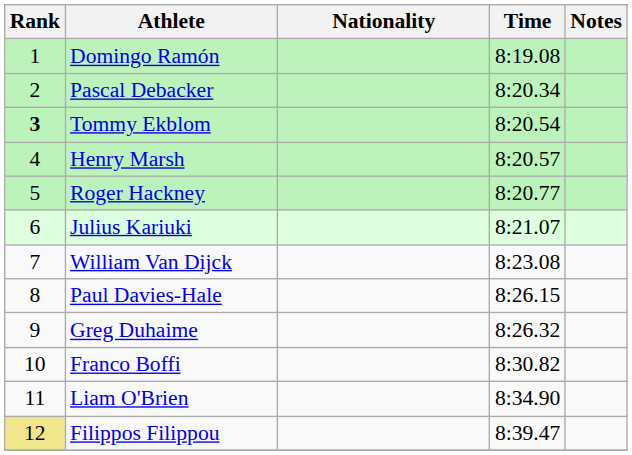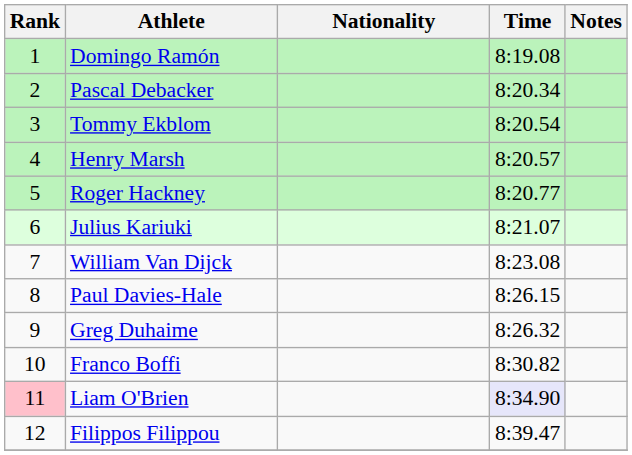 <table class="wikitable sortable" style="text-align:center">
 <tr>
 <th width=30>Rank</th>
 <th width=150>Athlete</th>
 <th width=150>Nationality</th>
 <th width=30>Time</th>
 <th width=30>Notes</th>
 </tr>
 <tr bgcolor=bbf3bb>
 <td>1</td>
 <td align="left"><a href='#'>Domingo Ramón</a></td>
 <td align="left"></td>
 <td>8:19.08</td>
 <td></td>
 </tr>
 <tr bgcolor=bbf3bb>
 <td>2</td>
 <td align="left"><a href='#'>Pascal Debacker</a></td>
 <td align="left"></td>
 <td>8:20.34</td>
 <td></td>
 </tr>
 <tr bgcolor=bbf3bb>
-<td><strong>3</strong></td>
+<td>3</td>
 <td align="left"><a href='#'>Tommy Ekblom</a></td>
 <td align="left"></td>
 <td>8:20.54</td>
 <td></td>
 </tr>
 <tr bgcolor=bbf3bb>
 <td>4</td>
 <td align="left"><a href='#'>Henry Marsh</a></td>
 <td align="left"></td>
 <td>8:20.57</td>
 <td></td>
 </tr>
 <tr bgcolor=bbf3bb>
 <td>5</td>
 <td align="left"><a href='#'>Roger Hackney</a></td>
 <td align="left"></td>
 <td>8:20.77</td>
 <td></td>
 </tr>
 <tr bgcolor=#ddffdd>
 <td>6</td>
 <td align="left"><a href='#'>Julius Kariuki</a></td>
 <td align="left"></td>
 <td>8:21.07</td>
 <td></td>
 </tr>
 <tr>
 <td>7</td>
 <td align="left"><a href='#'>William Van Dijck</a></td>
 <td align="left"></td>
 <td>8:23.08</td>
 <td></td>
 </tr>
 <tr>
 <td>8</td>
 <td align="left"><a href='#'>Paul Davies-Hale</a></td>
 <td align="left"></td>
 <td>8:26.15</td>
 <td></td>
 </tr>
 <tr>
 <td>9</td>
 <td align="left"><a href='#'>Greg Duhaime</a></td>
 <td align="left"></td>
 <td>8:26.32</td>
 <td></td>
 </tr>
 <tr>
 <td>10</td>
 <td align="left"><a href='#'>Franco Boffi</a></td>
 <td align="left"></td>
 <td>8:30.82</td>
 <td></td>
 </tr>
 <tr>
-<td>11</td>
+<td style="background: pink;">11</td>
 <td align="left"><a href='#'>Liam O'Brien</a></td>
 <td align="left"></td>
-<td>8:34.90</td>
+<td style="background: lavender;">8:34.90</td>
 <td></td>
 </tr>
 <tr>
-<td style="background: khaki;">12</td>
+<td>12</td>
 <td align="left"><a href='#'>Filippos Filippou</a></td>
 <td align="left"></td>
 <td>8:39.47</td>
 <td></td>
 </tr>
 <tr>
 </tr>
 </table>
